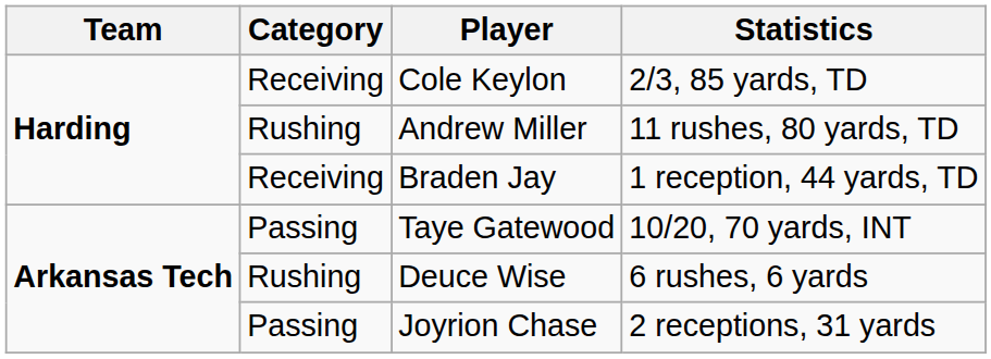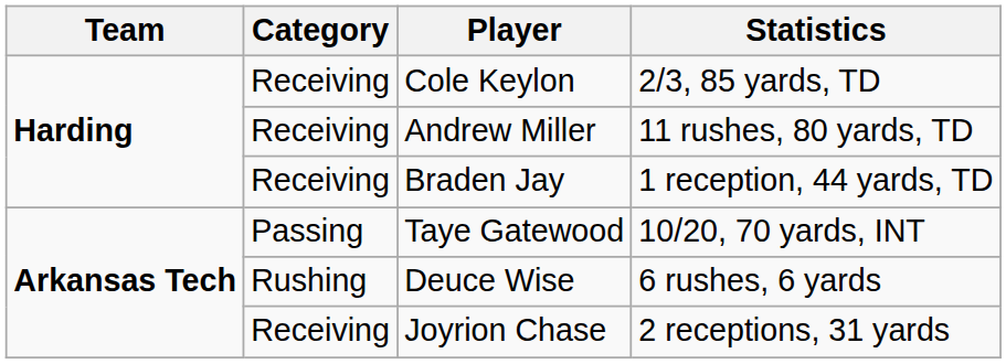 <table class="wikitable" style="float: right;">
 <tr>
 <th>Team</th>
 <th>Category</th>
 <th>Player</th>
 <th>Statistics</th>
 </tr>
 <tr>
 <td rowspan=3><strong>Harding</strong></td>
 <td>Receiving</td>
 <td>Cole Keylon</td>
 <td>2/3, 85 yards, TD</td>
 </tr>
 <tr>
-<td>Rushing</td>
+<td>Receiving</td>
 <td>Andrew Miller</td>
 <td>11 rushes, 80 yards, TD</td>
 </tr>
 <tr>
 <td>Receiving</td>
 <td>Braden Jay</td>
 <td>1 reception, 44 yards, TD</td>
 </tr>
 <tr>
 <td rowspan=3><strong>Arkansas Tech</strong></td>
 <td>Passing</td>
 <td>Taye Gatewood</td>
 <td>10/20, 70 yards, INT</td>
 </tr>
 <tr>
 <td>Rushing</td>
 <td>Deuce Wise</td>
 <td>6 rushes, 6 yards</td>
 </tr>
 <tr>
-<td>Passing</td>
+<td>Receiving</td>
 <td>Joyrion Chase</td>
 <td>2 receptions, 31 yards</td>
 </tr>
 </table>
